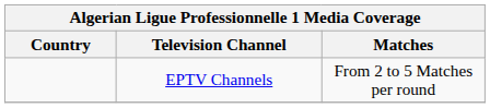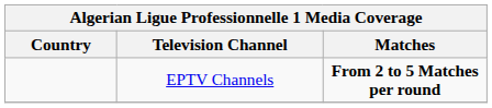 <table class="wikitable" align="center">
 <tr>
 <th colspan=3>Algerian Ligue Professionnelle 1 Media Coverage</th>
 </tr>
 <tr>
 <th style="width:100px;">Country</th>
 <th style="width:190px;">Television Channel</th>
 <th style="width:150px;">Matches</th>
 </tr>
 <tr>
 <td align=Center></td>
 <td align=Center><a href='#'>EPTV Channels</a></td>
-<td align=Center>From 2 to 5 Matches per round</td>
+<td align=Center><strong>From 2 to 5 Matches per round</strong></td>
 </tr>
 <tr>
 </tr>
 </table>
